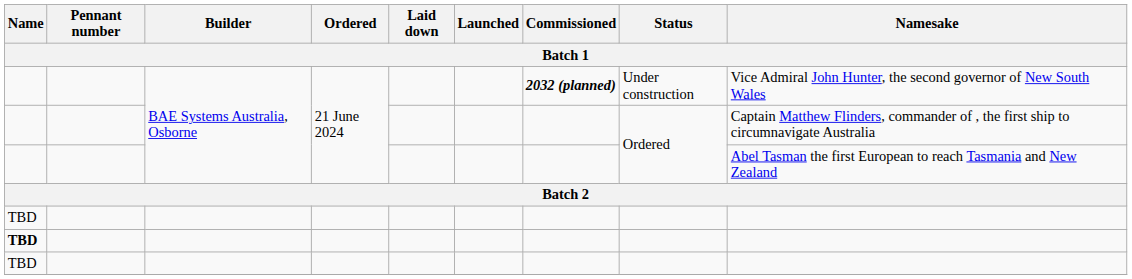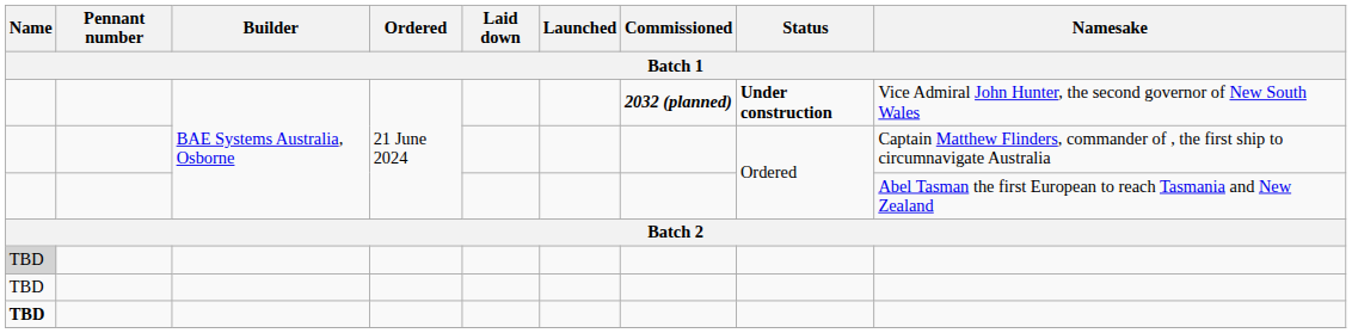 <table class="wikitable">
 <tr style="background:#efefef;">
 <th>Name</th>
 <th>Pennant number</th>
 <th>Builder</th>
 <th>Ordered</th>
 <th>Laid down</th>
 <th>Launched</th>
 <th>Commissioned</th>
 <th>Status</th>
 <th>Namesake</th>
 </tr>
 <tr>
 <th colspan="9">Batch 1</th>
 </tr>
 <tr>
 <td></td>
 <td></td>
 <td rowspan="3"><a href='#'>BAE Systems Australia</a>, <a href='#'>Osborne</a></td>
 <td rowspan="3">21 June 2024</td>
 <td></td>
 <td></td>
 <td><strong><em>2032 (planned)</em></strong></td>
-<td>Under construction</td>
+<td><strong>Under construction</strong></td>
 <td>Vice Admiral <a href='#'>John Hunter</a>, the second governor of <a href='#'>New South Wales</a></td>
 </tr>
 <tr>
 <td></td>
 <td></td>
 <td></td>
 <td></td>
 <td></td>
 <td rowspan="2">Ordered</td>
 <td>Captain <a href='#'>Matthew Flinders</a>, commander of , the first ship to circumnavigate Australia</td>
 </tr>
 <tr>
 <td></td>
 <td></td>
 <td></td>
 <td></td>
 <td></td>
 <td><a href='#'>Abel Tasman</a> the first European to reach <a href='#'>Tasmania</a> and <a href='#'>New Zealand</a></td>
 </tr>
 <tr>
 <th colspan="9">Batch 2</th>
+</tr>
+<tr>
+<td style="background: lightgrey;">TBD</td>
+<td></td>
+<td></td>
+<td></td>
+<td></td>
+<td></td>
+<td></td>
+<td></td>
+<td></td>
 </tr>
 <tr>
 <td>TBD</td>
 <td></td>
 <td></td>
 <td></td>
 <td></td>
 <td></td>
 <td></td>
 <td></td>
 <td></td>
 </tr>
 <tr>
 <td><strong>TBD</strong></td>
 <td></td>
 <td></td>
 <td></td>
 <td></td>
 <td></td>
 <td></td>
 <td></td>
 <td></td>
 </tr>
 <tr>
-<td>TBD</td>
-<td></td>
-<td></td>
-<td></td>
-<td></td>
-<td></td>
-<td></td>
-<td></td>
-<td></td>
-</tr>
-<tr>
 </tr>
 </table>
